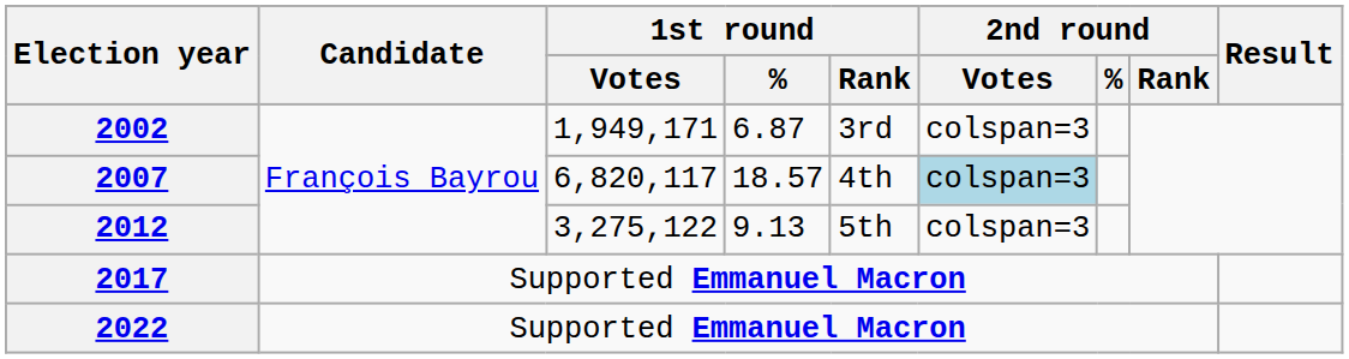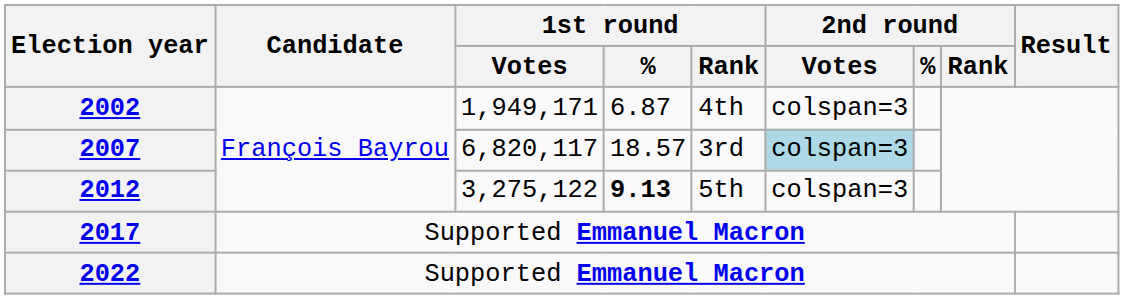 <table class="wikitable">
 <tr>
 <th rowspan="2">Election year</th>
 <th rowspan="2">Candidate</th>
 <th colspan="3">1st round</th>
 <th colspan="3">2nd round</th>
 <th rowspan="2">Result</th>
 </tr>
 <tr>
 <th>Votes</th>
 <th>%</th>
 <th>Rank</th>
 <th>Votes</th>
 <th>%</th>
 <th>Rank</th>
 </tr>
 <tr>
 <th><a href='#'>2002</a></th>
 <td rowspan="3"><a href='#'>François Bayrou</a></td>
 <td>1,949,171</td>
 <td>6.87</td>
-<td>3rd</td>
+<td>4th</td>
 <td>colspan=3 </td>
 <td></td>
 </tr>
 <tr>
 <th><a href='#'>2007</a></th>
 <td>6,820,117</td>
 <td>18.57</td>
-<td>4th</td>
+<td>3rd</td>
 <td style="background: lightblue;">colspan=3 </td>
 <td></td>
 </tr>
 <tr>
 <th><a href='#'>2012</a></th>
 <td>3,275,122</td>
-<td>9.13</td>
+<td><strong>9.13</strong></td>
 <td>5th</td>
 <td>colspan=3 </td>
 <td></td>
 </tr>
 <tr>
 <th><a href='#'>2017</a></th>
 <td colspan="7" style="text-align:center;">Supported <strong><a href='#'>Emmanuel Macron</a></strong></td>
 <td></td>
 </tr>
 <tr>
 <th><a href='#'>2022</a></th>
 <td colspan="7" style="text-align:center;">Supported <strong><a href='#'>Emmanuel Macron</a></strong></td>
 <td></td>
 </tr>
 </table>
